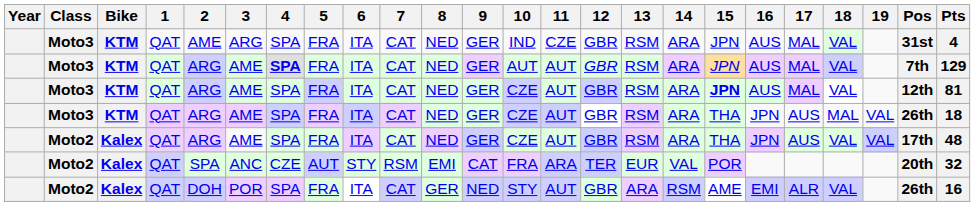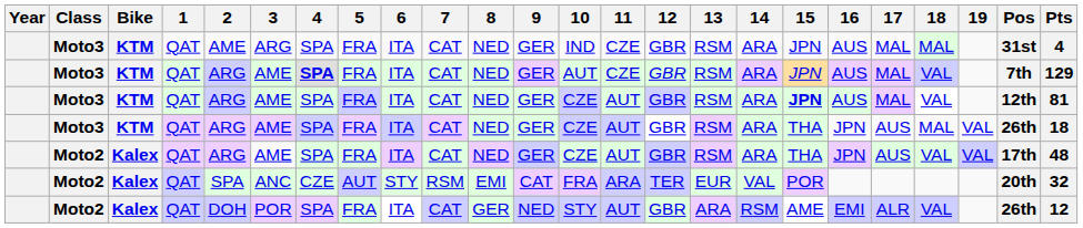 <table class="wikitable" style="text-align:center;">
 <tr>
 <th>Year</th>
 <th>Class</th>
 <th>Bike</th>
 <th>1</th>
 <th>2</th>
 <th>3</th>
 <th>4</th>
 <th>5</th>
 <th>6</th>
 <th>7</th>
 <th>8</th>
 <th>9</th>
 <th>10</th>
 <th>11</th>
 <th>12</th>
 <th>13</th>
 <th>14</th>
 <th>15</th>
 <th>16</th>
 <th>17</th>
 <th>18</th>
 <th>19</th>
 <th>Pos</th>
 <th>Pts</th>
 </tr>
 <tr>
 <th></th>
 <th>Moto3</th>
 <th><a href='#'>KTM</a></th>
 <td><a href='#'>QAT</a></td>
 <td><a href='#'>AME</a></td>
 <td><a href='#'>ARG</a></td>
 <td><a href='#'>SPA</a></td>
 <td><a href='#'>FRA</a></td>
 <td><a href='#'>ITA</a></td>
 <td><a href='#'>CAT</a></td>
 <td><a href='#'>NED</a></td>
 <td><a href='#'>GER</a></td>
 <td><a href='#'>IND</a></td>
 <td><a href='#'>CZE</a></td>
 <td><a href='#'>GBR</a></td>
 <td><a href='#'>RSM</a></td>
 <td><a href='#'>ARA</a></td>
 <td><a href='#'>JPN</a></td>
 <td><a href='#'>AUS</a></td>
 <td><a href='#'>MAL</a></td>
-<td style="background:#DFFFDF;"><a href='#'>VAL</a><br></td>
+<td style="background:#dfffdf;"><a href='#'>MAL</a><br></td>
 <td></td>
 <th>31st</th>
 <th>4</th>
 </tr>
 <tr>
 <th></th>
 <th>Moto3</th>
 <th><a href='#'>KTM</a></th>
 <td style="background:#dfffdf;"><a href='#'>QAT</a><br></td>
 <td style="background:#cfcfff;"><a href='#'>ARG</a><br></td>
 <td style="background:#dfffdf;"><a href='#'>AME</a><br></td>
 <td style="background:#dfdfdf;"><strong><a href='#'>SPA</a></strong><br></td>
 <td style="background:#dfffdf;"><a href='#'>FRA</a><br></td>
 <td style="background:#dfffdf;"><a href='#'>ITA</a><br></td>
 <td style="background:#dfffdf;"><a href='#'>CAT</a><br></td>
 <td style="background:#dfffdf;"><a href='#'>NED</a><br></td>
 <td style="background:#efcfff;"><a href='#'>GER</a><br></td>
 <td style="background:#dfffdf;"><a href='#'>AUT</a><br></td>
-<td style="background:#dfffdf;"><a href='#'>AUT</a><br></td>
+<td style="background:#dfffdf;"><a href='#'>CZE</a><br></td>
 <td style="background:#dfffdf;"><em><a href='#'>GBR</a></em><br></td>
 <td style="background:#dfffdf;"><a href='#'>RSM</a><br></td>
 <td style="background:#efcfff;"><a href='#'>ARA</a><br></td>
 <td style="background:#ffdf9f;"><em><a href='#'>JPN</a></em><br></td>
 <td style="background:#efcfff;"><a href='#'>AUS</a><br></td>
 <td style="background:#efcfff;"><a href='#'>MAL</a><br></td>
 <td style="background:#cfcfff;"><a href='#'>VAL</a><br></td>
 <td></td>
 <th>7th</th>
 <th>129</th>
 </tr>
 <tr>
 <th></th>
 <th>Moto3</th>
 <th><a href='#'>KTM</a></th>
 <td style="background:#dfffdf;"><a href='#'>QAT</a><br></td>
 <td style="background:#cfcfff;"><a href='#'>ARG</a><br></td>
 <td style="background:#dfffdf;"><a href='#'>AME</a><br></td>
 <td style="background:#dfffdf;"><a href='#'>SPA</a><br></td>
 <td style="background:#cfcfff;"><a href='#'>FRA</a><br></td>
 <td style="background:#dfffdf;"><a href='#'>ITA</a><br></td>
 <td style="background:#dfffdf;"><a href='#'>CAT</a><br></td>
 <td style="background:#dfffdf;"><a href='#'>NED</a><br></td>
 <td style="background:#dfffdf;"><a href='#'>GER</a><br></td>
 <td style="background:#cfcfff;"><a href='#'>CZE</a><br></td>
 <td style="background:#dfffdf;"><a href='#'>AUT</a><br></td>
 <td style="background:#cfcfff;"><a href='#'>GBR</a><br></td>
 <td style="background:#dfffdf;"><a href='#'>RSM</a><br></td>
 <td style="background:#dfffdf;"><a href='#'>ARA</a><br></td>
 <td style="background:#dfffdf;"><strong><a href='#'>JPN</a></strong><br></td>
 <td style="background:#dfffdf;"><a href='#'>AUS</a><br></td>
 <td style="background:#efcfff;"><a href='#'>MAL</a><br></td>
 <td style="background:#FFFFFF;"><a href='#'>VAL</a><br></td>
 <td></td>
 <th>12th</th>
 <th>81</th>
 </tr>
 <tr>
 <th></th>
 <th>Moto3</th>
 <th><a href='#'>KTM</a></th>
 <td style="background:#EFCFFF;"><a href='#'>QAT</a><br></td>
 <td style="background:#EFCFFF;"><a href='#'>ARG</a><br></td>
 <td style="background:#EFCFFF;"><a href='#'>AME</a><br></td>
 <td style="background:#CFCFFF;"><a href='#'>SPA</a><br></td>
 <td style="background:#EFCFFF;"><a href='#'>FRA</a><br></td>
 <td style="background:#CFCFFF;"><a href='#'>ITA</a><br></td>
 <td style="background:#EFCFFF;"><a href='#'>CAT</a><br></td>
 <td style="background:#DFFFDF;"><a href='#'>NED</a><br></td>
 <td style="background:#DFFFDF;"><a href='#'>GER</a><br></td>
 <td style="background:#CFCFFF;"><a href='#'>CZE</a><br></td>
 <td style="background:#CFCFFF;"><a href='#'>AUT</a><br></td>
 <td style="background:#FFFFFF;"><a href='#'>GBR</a><br></td>
 <td style="background:#EFCFFF;"><a href='#'>RSM</a><br></td>
 <td style="background:#DFFFDF;"><a href='#'>ARA</a><br></td>
 <td style="background:#DFFFDF;"><a href='#'>THA</a><br></td>
 <td><a href='#'>JPN</a></td>
 <td><a href='#'>AUS</a></td>
 <td><a href='#'>MAL</a></td>
 <td><a href='#'>VAL</a></td>
 <th>26th</th>
 <th>18</th>
 </tr>
 <tr>
 <th></th>
 <th>Moto2</th>
 <th><a href='#'>Kalex</a></th>
 <td style="background:#efcfff;"><a href='#'>QAT</a><br></td>
 <td style="background:#efcfff;"><a href='#'>ARG</a><br></td>
 <td><a href='#'>AME</a></td>
 <td style="background:#dfffdf;"><a href='#'>SPA</a><br></td>
 <td style="background:#dfffdf;"><a href='#'>FRA</a><br></td>
 <td style="background:#efcfff;"><a href='#'>ITA</a><br></td>
 <td style="background:#dfffdf;"><a href='#'>CAT</a><br></td>
 <td style="background:#efcfff;"><a href='#'>NED</a><br></td>
 <td style="background:#cfcfff;"><a href='#'>GER</a><br></td>
 <td style="background:#dfffdf;"><a href='#'>CZE</a><br></td>
 <td style="background:#dfffdf;"><a href='#'>AUT</a><br></td>
 <td style="background:#cfcfff;"><a href='#'>GBR</a><br></td>
 <td style="background:#efcfff;"><a href='#'>RSM</a><br></td>
 <td style="background:#dfffdf;"><a href='#'>ARA</a><br></td>
 <td style="background:#dfffdf;"><a href='#'>THA</a><br></td>
 <td style="background:#efcfff;"><a href='#'>JPN</a><br></td>
 <td style="background:#dfffdf;"><a href='#'>AUS</a><br></td>
 <td style="background:#DFFFDF;"><a href='#'>VAL</a><br></td>
 <td style="background:#cfcfff;"><a href='#'>VAL</a><br></td>
 <th>17th</th>
 <th>48</th>
 </tr>
 <tr>
 <th></th>
 <th>Moto2</th>
 <th><a href='#'>Kalex</a></th>
 <td style="background:#cfcfff;"><a href='#'>QAT</a><br></td>
 <td style="background:#dfffdf;"><a href='#'>SPA</a><br></td>
 <td style="background:#dfffdf;"><a href='#'>ANC</a><br></td>
 <td style="background:#dfffdf;"><a href='#'>CZE</a><br></td>
 <td style="background:#cfcfff;"><a href='#'>AUT</a><br></td>
 <td style="background:#dfffdf;"><a href='#'>STY</a><br></td>
 <td style="background:#dfffdf;"><a href='#'>RSM</a><br></td>
 <td style="background:#dfffdf;"><a href='#'>EMI</a><br></td>
 <td style="background:#efcfff;"><a href='#'>CAT</a><br></td>
 <td style="background:#efcfff;"><a href='#'>FRA</a><br></td>
 <td style="background:#cfcfff;"><a href='#'>ARA</a><br></td>
 <td style="background:#cfcfff;"><a href='#'>TER</a><br></td>
 <td style="background:#dfffdf;"><a href='#'>EUR</a><br></td>
 <td style="background:#dfffdf;"><a href='#'>VAL</a><br></td>
 <td style="background:#efcfff;"><a href='#'>POR</a><br></td>
 <td></td>
 <td></td>
 <td></td>
 <td></td>
 <th>20th</th>
 <th>32</th>
 </tr>
 <tr>
 <th></th>
 <th>Moto2</th>
 <th><a href='#'>Kalex</a></th>
 <td style="background:#cfcfff;"><a href='#'>QAT</a><br></td>
 <td style="background:#cfcfff;"><a href='#'>DOH</a><br></td>
 <td style="background:#efcfff;"><a href='#'>POR</a><br></td>
 <td style="background:#efcfff;"><a href='#'>SPA</a><br></td>
 <td style="background:#dfffdf;"><a href='#'>FRA</a><br></td>
 <td style="background:#ffffff;"><a href='#'>ITA</a><br></td>
 <td style="background:#cfcfff;"><a href='#'>CAT</a><br></td>
 <td style="background:#dfffdf;"><a href='#'>GER</a><br></td>
 <td style="background:#cfcfff;"><a href='#'>NED</a><br></td>
 <td style="background:#cfcfff;"><a href='#'>STY</a><br></td>
 <td style="background:#cfcfff;"><a href='#'>AUT</a><br></td>
 <td style="background:#dfffdf;"><a href='#'>GBR</a><br></td>
 <td style="background:#efcfff;"><a href='#'>ARA</a><br></td>
 <td style="background:#cfcfff;"><a href='#'>RSM</a><br></td>
 <td style="background:#ffffff;"><a href='#'>AME</a><br></td>
 <td style="background:#cfcfff;"><a href='#'>EMI</a><br></td>
 <td style="background:#cfcfff;"><a href='#'>ALR</a><br></td>
 <td style="background:#cfcfff;"><a href='#'>VAL</a><br></td>
 <td></td>
 <th>26th</th>
-<th>16</th>
+<th>12</th>
 </tr>
 </table>
